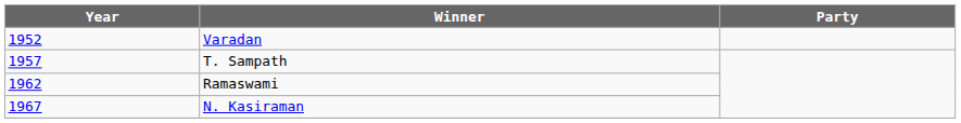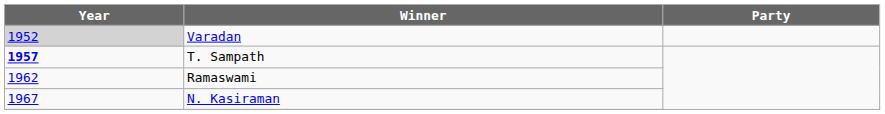 <table class="wikitable sortable" width="70%">
 <tr>
 <th style="background-color:#666666; color:white">Year</th>
 <th style="background-color:#666666; color:white">Winner</th>
 <th style="background-color:#666666; color:white" colspan="2">Party</th>
 </tr>
 <tr>
-<td><a href='#'>1952</a></td>
+<td style="background: lightgrey;"><a href='#'>1952</a></td>
 <td><a href='#'>Varadan</a></td>
 <td></td>
 </tr>
 <tr>
-<td><a href='#'>1957</a></td>
+<td><strong><a href='#'>1957</a></strong></td>
 <td>T. Sampath</td>
 </tr>
 <tr>
 <td><a href='#'>1962</a></td>
 <td>Ramaswami</td>
 </tr>
 <tr>
 <td><a href='#'>1967</a></td>
 <td><a href='#'>N. Kasiraman</a></td>
 </tr>
 <tr>
 </tr>
 </table>
